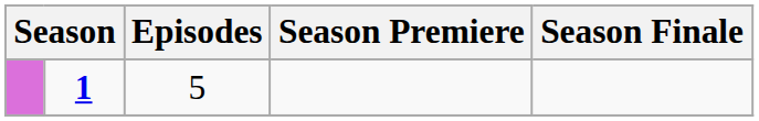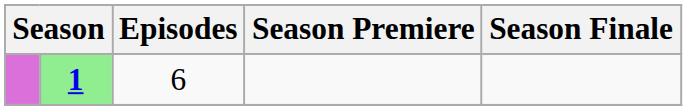 <table class="wikitable">
 <tr>
 <th colspan="2">Season</th>
 <th>Episodes</th>
 <th>Season Premiere</th>
 <th>Season Finale</th>
 </tr>
 <tr>
 <td style="background:#DB70DB; height:5px;"></td>
-<td style="text-align:center;"><strong><a href='#'>1</a></strong></td>
-<td style="text-align:center;">5</td>
+<td style="background: lightgreen; text-align:center;"><strong><a href='#'>1</a></strong></td>
+<td style="text-align:center;">6</td>
 <td style="text-align:center;"></td>
 <td style="text-align:center;"></td>
 </tr>
 <tr>
 </tr>
 </table>
